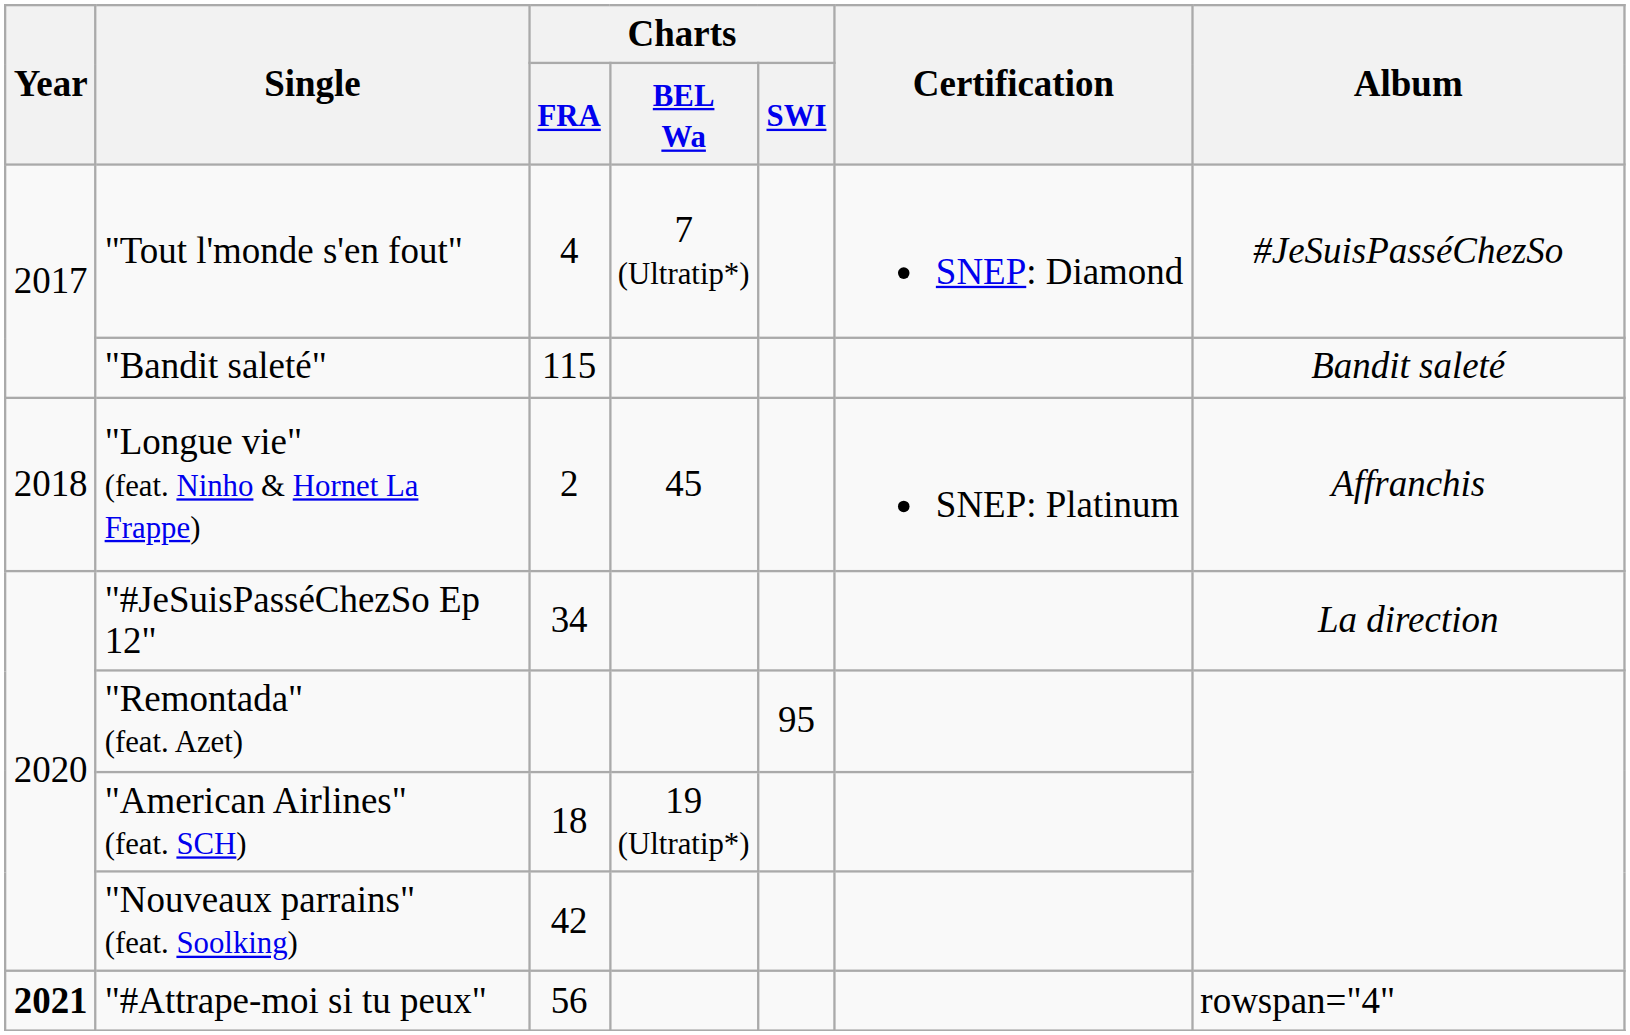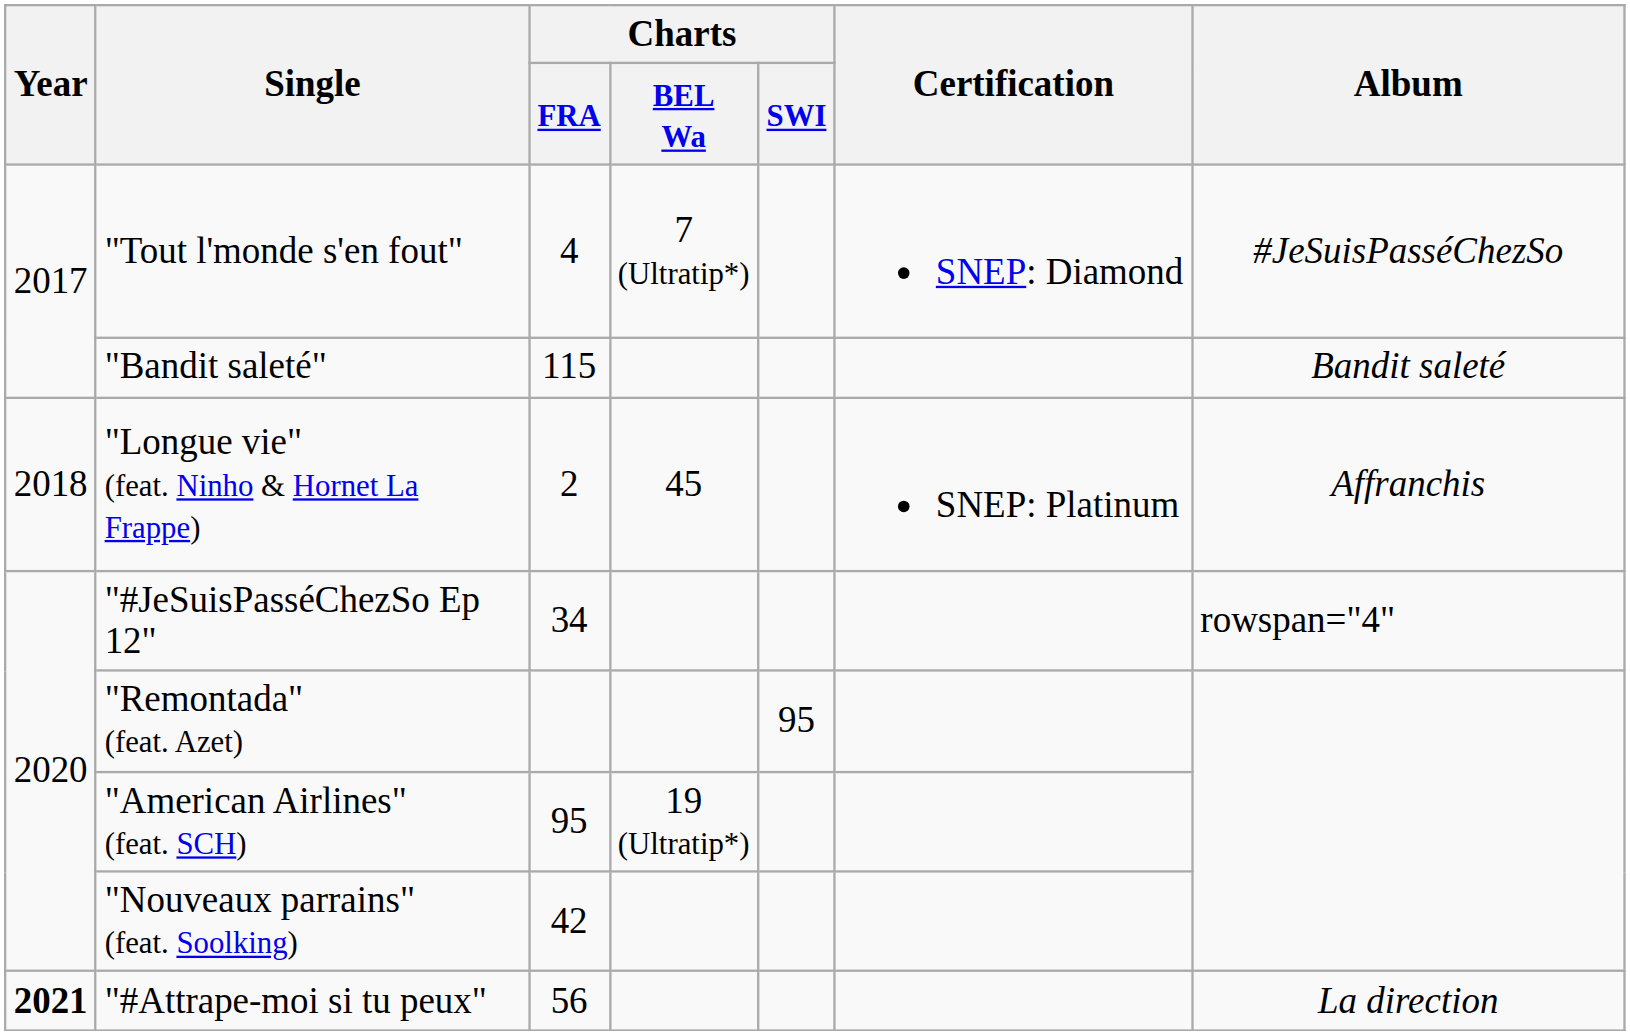 <table class="wikitable">
 <tr>
 <th align="center" rowspan="2" width="10">Year</th>
 <th align="center" rowspan="2" width="180">Single</th>
 <th align="center" colspan="3">Charts</th>
 <th align="center" rowspan="2">Certification</th>
 <th align="center" rowspan="2" width="180">Album</th>
 </tr>
 <tr>
 <th width="20"><small><a href='#'>FRA</a></small><br></th>
 <th width="20"><small><a href='#'>BEL<br>Wa</a></small><br></th>
 <th width="20"><small><a href='#'>SWI</a></small><br></th>
 </tr>
 <tr>
 <td align="center" rowspan="2">2017</td>
 <td>"Tout l'monde s'en fout"</td>
 <td align="center">4</td>
 <td align="center">7<br><small>(Ultratip*)</small></td>
 <td align="center"></td>
 <td><br><ul><li><a href='#'>SNEP</a>: Diamond</li></ul></td>
 <td align="center"><em>#JeSuisPasséChezSo</em></td>
 </tr>
 <tr>
 <td>"Bandit saleté"</td>
 <td align="center">115</td>
 <td align="center"></td>
 <td align="center"></td>
 <td></td>
 <td align="center"><em>Bandit saleté</em></td>
 </tr>
 <tr>
 <td align="center">2018</td>
 <td>"Longue vie"<br><small>(feat. <a href='#'>Ninho</a> & <a href='#'>Hornet La Frappe</a>)</small></td>
 <td align="center">2</td>
 <td align="center">45</td>
 <td align="center"></td>
 <td><br><ul><li>SNEP: Platinum</li></ul></td>
 <td align="center"><em>Affranchis</em></td>
 </tr>
 <tr>
 <td align="center" rowspan="4">2020</td>
 <td>"#JeSuisPasséChezSo Ep 12"</td>
 <td align="center">34<br></td>
 <td align="center"></td>
 <td align="center"></td>
 <td></td>
-<td align="center"><em>La direction</em></td>
+<td>rowspan="4" </td>
 </tr>
 <tr>
 <td>"Remontada"<br><small>(feat. Azet)</small></td>
 <td align="center"></td>
 <td align="center"></td>
 <td align="center">95</td>
 <td></td>
 </tr>
 <tr>
 <td>"American Airlines"<br><small>(feat. <a href='#'>SCH</a>)</small></td>
-<td align="center">18</td>
+<td align="center">95</td>
 <td align="center">19<br><small>(Ultratip*)</small></td>
 <td align="center"></td>
 <td></td>
 </tr>
 <tr>
 <td>"Nouveaux parrains"<br><small>(feat. <a href='#'>Soolking</a>)</small></td>
 <td align="center">42</td>
 <td align="center"></td>
 <td align="center"></td>
 <td></td>
 </tr>
 <tr>
 <td align="center"><strong>2021</strong></td>
 <td>"#Attrape-moi si tu peux"</td>
 <td align="center">56</td>
 <td align="center"></td>
 <td align="center"></td>
 <td></td>
-<td>rowspan="4" </td>
+<td align="center"><em>La direction</em></td>
 </tr>
 <tr>
 </tr>
 </table>
